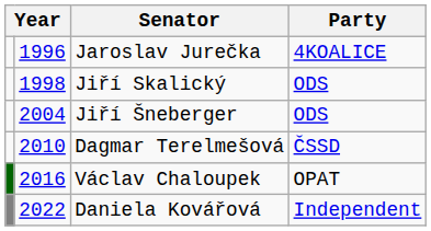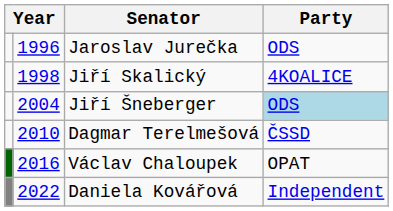 <table class="wikitable">
 <tr>
 <th colspan="2">Year</th>
 <th>Senator</th>
 <th>Party</th>
 </tr>
 <tr>
 <td style="background-color:"></td>
 <td><a href='#'>1996</a></td>
 <td>Jaroslav Jurečka</td>
-<td><a href='#'>4KOALICE</a></td>
+<td><a href='#'>ODS</a></td>
 </tr>
 <tr>
 <td style="background-color:"></td>
 <td><a href='#'>1998</a></td>
 <td>Jiří Skalický</td>
-<td><a href='#'>ODS</a></td>
+<td><a href='#'>4KOALICE</a></td>
 </tr>
 <tr>
 <td style="background-color:"></td>
 <td><a href='#'>2004</a></td>
 <td>Jiří Šneberger</td>
-<td><a href='#'>ODS</a></td>
+<td style="background: lightblue;"><a href='#'>ODS</a></td>
 </tr>
 <tr>
 <td style="background-color:"></td>
 <td><a href='#'>2010</a></td>
 <td>Dagmar Terelmešová</td>
 <td><a href='#'>ČSSD</a></td>
 </tr>
 <tr>
 <td style="background-color:darkgreen;"></td>
 <td><a href='#'>2016</a></td>
 <td>Václav Chaloupek</td>
 <td>OPAT</td>
 </tr>
 <tr>
 <td style="background-color:grey;"></td>
 <td><a href='#'>2022</a></td>
 <td>Daniela Kovářová</td>
 <td><a href='#'>Independent</a></td>
 </tr>
 </table>
